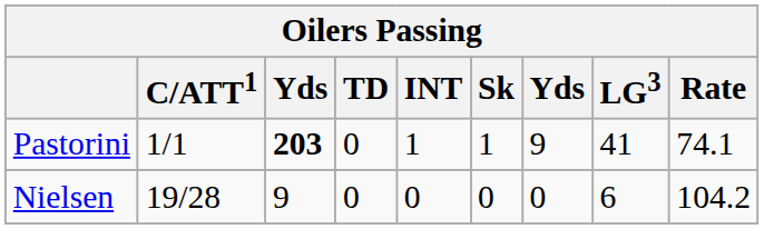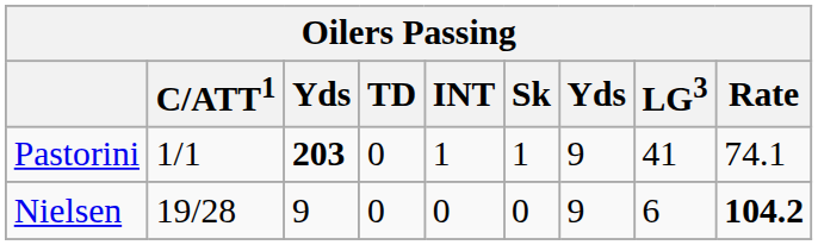 <table class="wikitable">
 <tr>
 <th colspan="9">Oilers Passing</th>
 </tr>
 <tr>
 <th></th>
 <th>C/ATT<sup>1</sup></th>
 <th>Yds</th>
 <th>TD</th>
 <th>INT</th>
 <th>Sk</th>
 <th>Yds</th>
 <th>LG<sup>3</sup></th>
 <th>Rate</th>
 </tr>
 <tr>
 <td><a href='#'>Pastorini</a></td>
 <td>1/1</td>
 <td><strong>203</strong></td>
 <td>0</td>
 <td>1</td>
 <td>1</td>
 <td>9</td>
 <td>41</td>
 <td>74.1</td>
 </tr>
 <tr>
 <td><a href='#'>Nielsen</a></td>
 <td>19/28</td>
 <td>9</td>
 <td>0</td>
 <td>0</td>
 <td>0</td>
-<td>0</td>
+<td>9</td>
 <td>6</td>
-<td>104.2</td>
+<td><strong>104.2</strong></td>
 </tr>
 </table>
